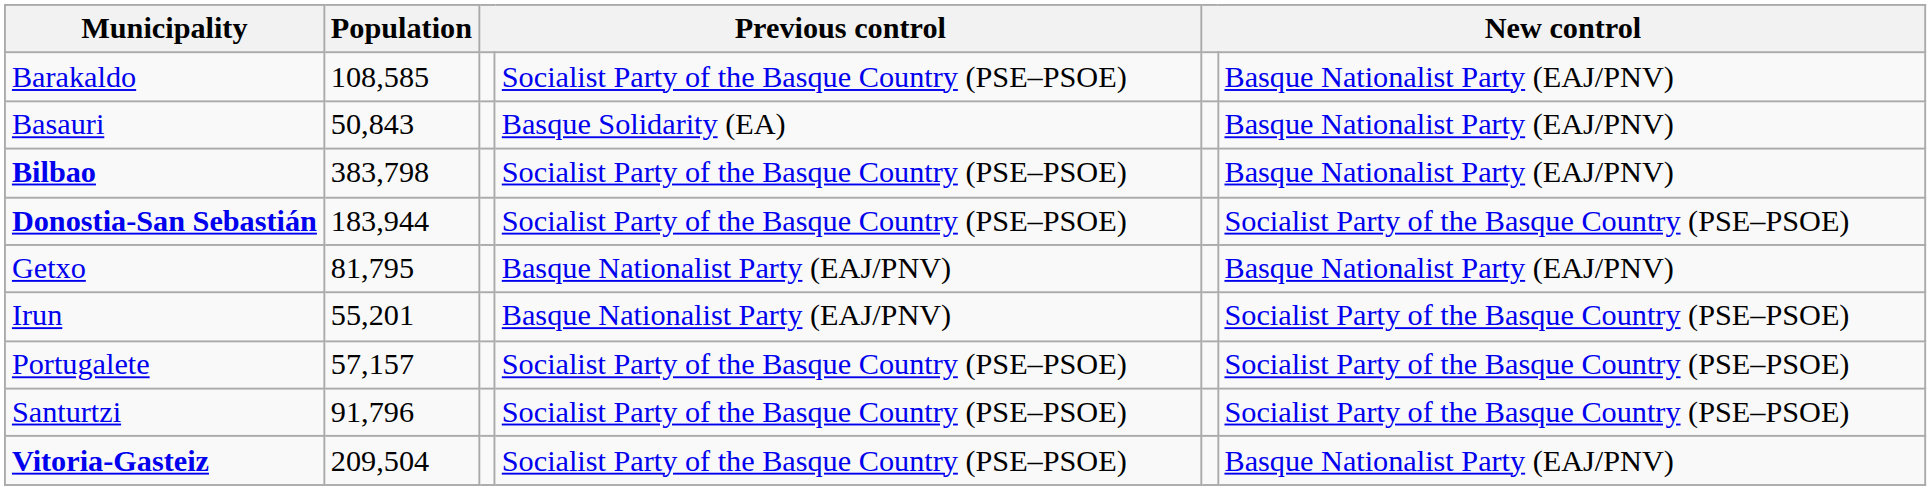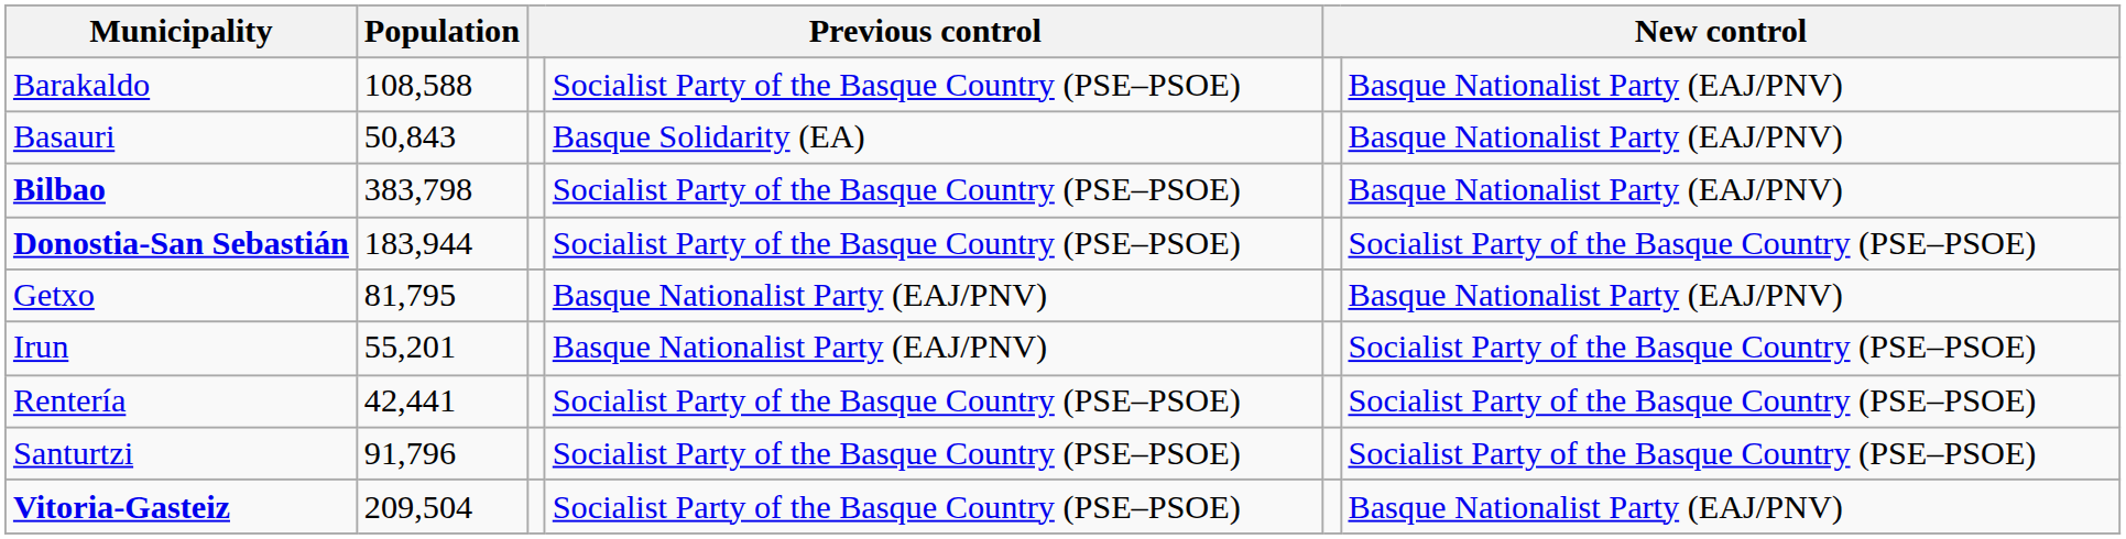 <table class="wikitable sortable">
 <tr>
 <th>Municipality</th>
 <th>Population</th>
 <th colspan="2" style="width:375px;">Previous control</th>
 <th colspan="2" style="width:375px;">New control</th>
 </tr>
 <tr>
 <td><a href='#'>Barakaldo</a></td>
-<td>108,585</td>
+<td>108,588</td>
 <td width="1" style="color:inherit;background:"></td>
 <td><a href='#'>Socialist Party of the Basque Country</a> (PSE–PSOE)</td>
 <td width="1" style="color:inherit;background:"></td>
 <td><a href='#'>Basque Nationalist Party</a> (EAJ/PNV)</td>
 </tr>
 <tr>
 <td><a href='#'>Basauri</a></td>
 <td>50,843</td>
 <td style="color:inherit;background:"></td>
 <td><a href='#'>Basque Solidarity</a> (EA)</td>
 <td style="color:inherit;background:"></td>
 <td><a href='#'>Basque Nationalist Party</a> (EAJ/PNV)</td>
 </tr>
 <tr>
 <td><strong><a href='#'>Bilbao</a></strong></td>
 <td>383,798</td>
 <td style="color:inherit;background:"></td>
 <td><a href='#'>Socialist Party of the Basque Country</a> (PSE–PSOE)</td>
 <td style="color:inherit;background:"></td>
 <td><a href='#'>Basque Nationalist Party</a> (EAJ/PNV)</td>
 </tr>
 <tr>
 <td><strong><a href='#'>Donostia-San Sebastián</a></strong></td>
 <td>183,944</td>
 <td style="color:inherit;background:"></td>
 <td><a href='#'>Socialist Party of the Basque Country</a> (PSE–PSOE)</td>
 <td style="color:inherit;background:"></td>
 <td><a href='#'>Socialist Party of the Basque Country</a> (PSE–PSOE)</td>
 </tr>
 <tr>
 <td><a href='#'>Getxo</a></td>
 <td>81,795</td>
 <td style="color:inherit;background:"></td>
 <td><a href='#'>Basque Nationalist Party</a> (EAJ/PNV)</td>
 <td style="color:inherit;background:"></td>
 <td><a href='#'>Basque Nationalist Party</a> (EAJ/PNV)</td>
 </tr>
 <tr>
 <td><a href='#'>Irun</a></td>
 <td>55,201</td>
 <td style="color:inherit;background:"></td>
 <td><a href='#'>Basque Nationalist Party</a> (EAJ/PNV)</td>
 <td style="color:inherit;background:"></td>
 <td><a href='#'>Socialist Party of the Basque Country</a> (PSE–PSOE)</td>
 </tr>
 <tr>
-<td><a href='#'>Portugalete</a></td>
-<td>57,157</td>
+<td><a href='#'>Rentería</a></td>
+<td>42,441</td>
 <td style="color:inherit;background:"></td>
 <td><a href='#'>Socialist Party of the Basque Country</a> (PSE–PSOE)</td>
 <td style="color:inherit;background:"></td>
 <td><a href='#'>Socialist Party of the Basque Country</a> (PSE–PSOE)</td>
 </tr>
 <tr>
 <td><a href='#'>Santurtzi</a></td>
 <td>91,796</td>
 <td style="color:inherit;background:"></td>
 <td><a href='#'>Socialist Party of the Basque Country</a> (PSE–PSOE)</td>
 <td style="color:inherit;background:"></td>
 <td><a href='#'>Socialist Party of the Basque Country</a> (PSE–PSOE)</td>
 </tr>
 <tr>
 <td><strong><a href='#'>Vitoria-Gasteiz</a></strong></td>
 <td>209,504</td>
 <td style="color:inherit;background:"></td>
 <td><a href='#'>Socialist Party of the Basque Country</a> (PSE–PSOE)</td>
 <td style="color:inherit;background:"></td>
 <td><a href='#'>Basque Nationalist Party</a> (EAJ/PNV)</td>
 </tr>
 </table>
